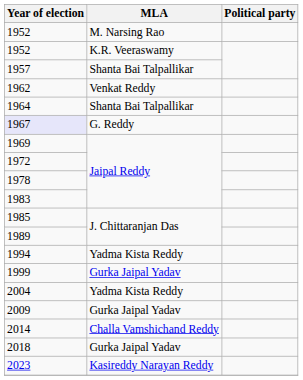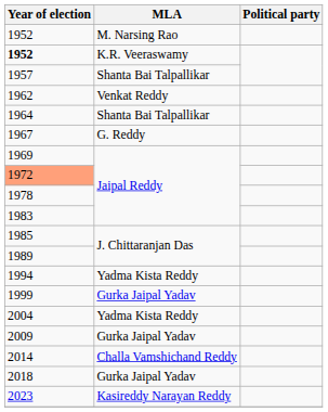 <table class="wikitable sortable">
 <tr>
 <th>Year of election</th>
 <th>MLA</th>
 <th colspan="2">Political party</th>
 </tr>
 <tr>
 <td>1952</td>
 <td>M. Narsing Rao</td>
 <td></td>
 </tr>
 <tr>
-<td>1952</td>
+<td><strong>1952</strong></td>
 <td>K.R. Veeraswamy</td>
 </tr>
 <tr>
 <td>1957</td>
 <td>Shanta Bai Talpallikar</td>
 </tr>
 <tr>
 <td>1962</td>
 <td>Venkat Reddy</td>
 <td></td>
 </tr>
 <tr>
 <td>1964</td>
 <td>Shanta Bai Talpallikar</td>
 <td></td>
 </tr>
 <tr>
-<td style="background: lavender;">1967</td>
+<td>1967</td>
 <td>G. Reddy</td>
 <td></td>
 </tr>
 <tr>
 <td>1969</td>
 <td rowspan=4><a href='#'>Jaipal Reddy</a></td>
 <td></td>
 </tr>
 <tr>
-<td>1972</td>
+<td style="background: lightsalmon;">1972</td>
 </tr>
 <tr>
 <td>1978</td>
 <td></td>
 </tr>
 <tr>
 <td>1983</td>
 </tr>
 <tr>
 <td>1985</td>
 <td rowspan=2>J. Chittaranjan Das</td>
 <td></td>
 </tr>
 <tr>
 <td>1989</td>
 </tr>
 <tr>
 <td>1994</td>
 <td>Yadma Kista Reddy</td>
 <td></td>
 </tr>
 <tr>
 <td>1999</td>
 <td><a href='#'>Gurka Jaipal Yadav</a></td>
 <td></td>
 </tr>
 <tr>
 <td>2004</td>
 <td>Yadma Kista Reddy</td>
 <td></td>
 </tr>
 <tr>
 <td>2009</td>
 <td>Gurka Jaipal Yadav</td>
 <td></td>
 </tr>
 <tr>
 <td>2014</td>
 <td><a href='#'>Challa Vamshichand Reddy</a></td>
 <td></td>
 </tr>
 <tr>
 <td>2018</td>
 <td>Gurka Jaipal Yadav</td>
 <td></td>
 </tr>
 <tr>
 <td><a href='#'>2023</a></td>
 <td><a href='#'>Kasireddy Narayan Reddy</a></td>
 <td></td>
 </tr>
 <tr>
 </tr>
 </table>
